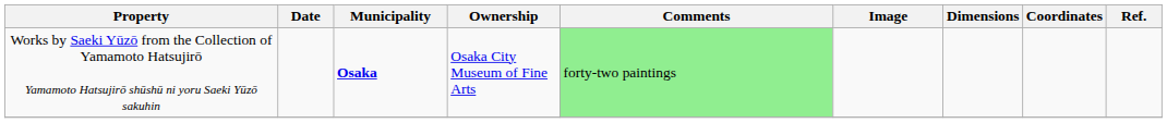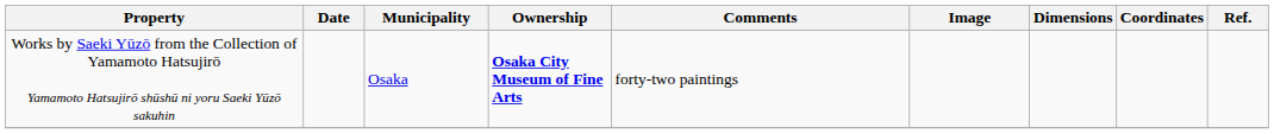 <table class="wikitable sortable"  style="width:100%;">
 <tr>
 <th width="25%" align="left">Property</th>
 <th width="5%" align="left" data-sort-type="number">Date</th>
 <th width="10%" align="left">Municipality</th>
 <th width="10%" align="left">Ownership</th>
 <th width="25%" align="left" class="unsortable">Comments</th>
 <th width="10%" align="left" class="unsortable">Image</th>
 <th width="5%" align="left" class="unsortable">Dimensions</th>
 <th width="5%" align="left" class="unsortable">Coordinates</th>
 <th width="5%" align="left" class="unsortable">Ref.</th>
 </tr>
 <tr>
 <td align="center">Works by <a href='#'>Saeki Yūzō</a> from the Collection of Yamamoto Hatsujirō<br><br><small><em>Yamamoto Hatsujirō shūshū ni yoru Saeki Yūzō sakuhin</em></small></td>
 <td></td>
-<td><strong><a href='#'>Osaka</a></strong></td>
-<td><a href='#'>Osaka City Museum of Fine Arts</a></td>
-<td style="background: lightgreen;">forty-two paintings</td>
+<td><a href='#'>Osaka</a></td>
+<td><strong><a href='#'>Osaka City Museum of Fine Arts</a></strong></td>
+<td>forty-two paintings</td>
 <td></td>
 <td></td>
 <td></td>
 <td></td>
 </tr>
 <tr>
 </tr>
 </table>
